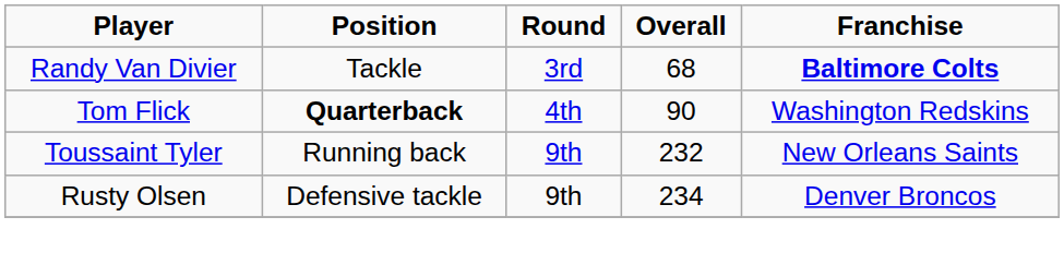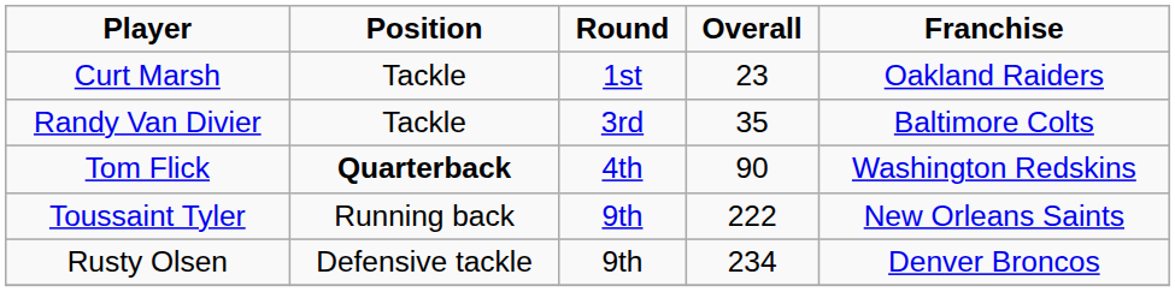 <table class="wikitable" width="50%">
 <tr align="center">
 <td><strong>Player</strong></td>
 <td><strong>Position</strong></td>
 <td><strong>Round</strong></td>
 <td><strong>Overall</strong></td>
 <td><strong>Franchise</strong></td>
 </tr>
 <tr align="center" bgcolor="">
+<td><a href='#'>Curt Marsh</a></td>
+<td>Tackle</td>
+<td><a href='#'>1st</a></td>
+<td>23</td>
+<td><a href='#'>Oakland Raiders</a></td>
+</tr>
+<tr align="center" bgcolor="">
 <td><a href='#'>Randy Van Divier</a></td>
 <td>Tackle</td>
 <td><a href='#'>3rd</a></td>
-<td>68</td>
-<td><strong><a href='#'>Baltimore Colts</a></strong></td>
+<td>35</td>
+<td><a href='#'>Baltimore Colts</a></td>
 </tr>
 <tr align="center" bgcolor="">
 <td><a href='#'>Tom Flick</a></td>
 <td><strong>Quarterback</strong></td>
 <td><a href='#'>4th</a></td>
 <td>90</td>
 <td><a href='#'>Washington Redskins</a></td>
 </tr>
 <tr align="center" bgcolor="">
 <td><a href='#'>Toussaint Tyler</a></td>
 <td>Running back</td>
 <td><a href='#'>9th</a></td>
-<td>232</td>
+<td>222</td>
 <td><a href='#'>New Orleans Saints</a></td>
 </tr>
 <tr align="center" bgcolor="">
 <td>Rusty Olsen</td>
 <td>Defensive tackle</td>
 <td>9th</td>
 <td>234</td>
 <td><a href='#'>Denver Broncos</a></td>
 </tr>
 <tr align="center" bgcolor="">
 </tr>
 </table>
